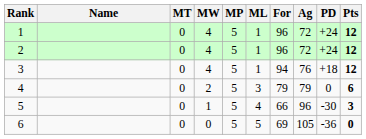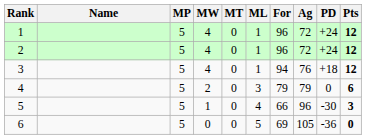 <table class=wikitable style="text-align:center">
 <tr>
 <th width=20>Rank</th>
 <th width=175>Name</th>
+<th width=20>MP</th>
+<th width=20>MW</th>
 <th width=20>MT</th>
-<th width=20>MW</th>
-<th width=20>MP</th>
 <th width=20>ML</th>
 <th width=20>For</th>
 <th width=20>Ag</th>
 <th width=20>PD</th>
 <th width=20>Pts</th>
 </tr>
 <tr bgcolor="#ccffcc">
 <td>1</td>
 <td align=left><strong></strong></td>
+<td>5</td>
+<td>4</td>
 <td>0</td>
-<td>4</td>
-<td>5</td>
 <td>1</td>
 <td>96</td>
 <td>72</td>
 <td>+24</td>
 <td><strong>12</strong></td>
 </tr>
 <tr bgcolor="#ccffcc">
 <td>2</td>
 <td align=left><strong></strong></td>
+<td>5</td>
+<td>4</td>
 <td>0</td>
-<td>4</td>
-<td>5</td>
 <td>1</td>
 <td>96</td>
 <td>72</td>
 <td>+24</td>
 <td><strong>12</strong></td>
 </tr>
 <tr>
 <td>3</td>
 <td align=left></td>
+<td>5</td>
+<td>4</td>
 <td>0</td>
-<td>4</td>
-<td>5</td>
 <td>1</td>
 <td>94</td>
 <td>76</td>
 <td>+18</td>
 <td><strong>12</strong></td>
 </tr>
 <tr>
 <td>4</td>
 <td align=left></td>
+<td>5</td>
+<td>2</td>
 <td>0</td>
-<td>2</td>
-<td>5</td>
 <td>3</td>
 <td>79</td>
 <td>79</td>
 <td>0</td>
 <td><strong>6</strong></td>
 </tr>
 <tr>
 <td>5</td>
 <td align=left></td>
+<td>5</td>
+<td>1</td>
 <td>0</td>
-<td>1</td>
-<td>5</td>
 <td>4</td>
 <td>66</td>
 <td>96</td>
 <td>-30</td>
 <td><strong>3</strong></td>
 </tr>
 <tr>
 <td>6</td>
 <td align=left></td>
+<td>5</td>
 <td>0</td>
 <td>0</td>
-<td>5</td>
 <td>5</td>
 <td>69</td>
 <td>105</td>
 <td>-36</td>
 <td><strong>0</strong></td>
 </tr>
 </table>
